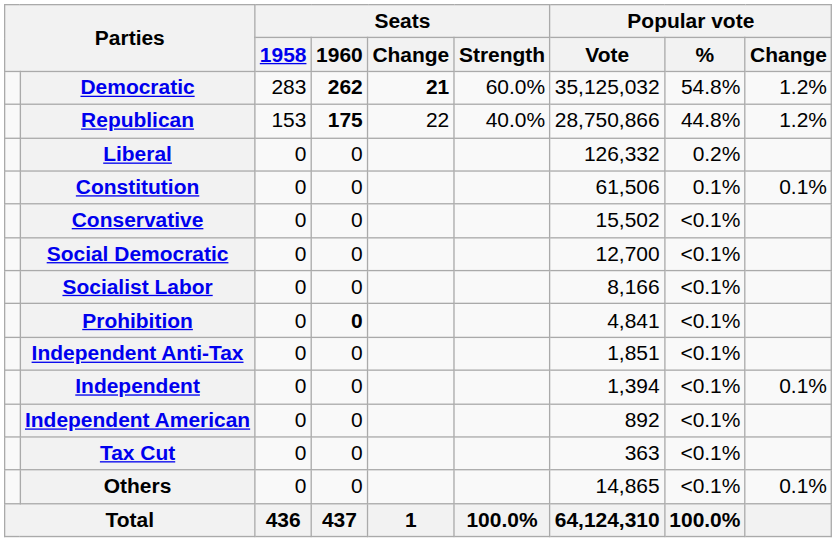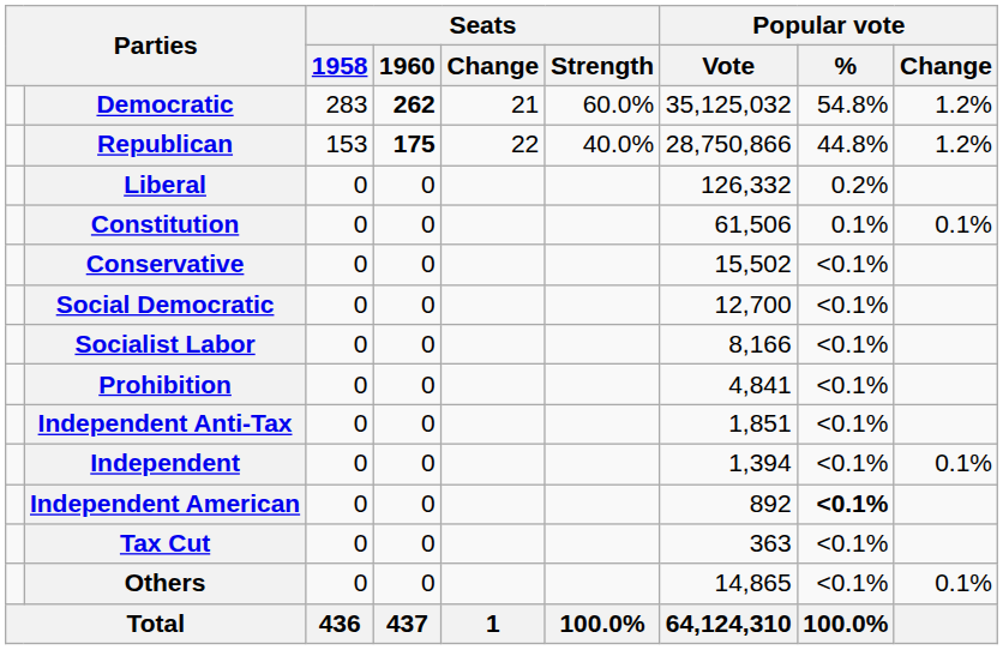 <table class=wikitable style=text-align:center">
 <tr>
 <th colspan=2 rowspan=2>Parties</th>
 <th colspan=4>Seats</th>
 <th colspan=3>Popular vote</th>
 </tr>
 <tr>
 <th><a href='#'>1958</a></th>
 <th>1960</th>
 <th>Change</th>
 <th>Strength</th>
 <th>Vote</th>
 <th>%</th>
 <th>Change</th>
 </tr>
 <tr>
 <td style="background-color:"> </td>
 <th><a href='#'>Democratic</a></th>
 <td align=right>283</td>
 <td align=right><strong>262</strong></td>
-<td align=right><strong> 21</strong></td>
+<td align=right> 21</td>
 <td align=right>60.0%</td>
 <td align=right>35,125,032</td>
 <td align=right>54.8%</td>
 <td align=right> 1.2%</td>
 </tr>
 <tr>
 <td style="background-color:"> </td>
 <th><a href='#'>Republican</a></th>
 <td align=right>153</td>
 <td align=right><strong>175</strong></td>
 <td align=right> 22</td>
 <td align=right>40.0%</td>
 <td align=right>28,750,866</td>
 <td align=right>44.8%</td>
 <td align=right> 1.2%</td>
 </tr>
 <tr>
 <td style="background-color:"> </td>
 <th><a href='#'>Liberal</a></th>
 <td align=right>0</td>
 <td align=right>0</td>
 <td align=right></td>
 <td align=right></td>
 <td align=right>126,332</td>
 <td align=right>0.2%</td>
 <td align=right></td>
 </tr>
 <tr>
 <td style="background-color:"> </td>
 <th><a href='#'>Constitution</a></th>
 <td align=right>0</td>
 <td align=right>0</td>
 <td align=right></td>
 <td align=right></td>
 <td align=right>61,506</td>
 <td align=right>0.1%</td>
 <td align=right> 0.1%</td>
 </tr>
 <tr>
 <td style="background-color:"> </td>
 <th><a href='#'>Conservative</a></th>
 <td align=right>0</td>
 <td align=right>0</td>
 <td align=right></td>
 <td align=right></td>
 <td align=right>15,502</td>
 <td align=right><0.1%</td>
 <td align=right></td>
 </tr>
 <tr>
 <td style="background-color:"> </td>
 <th><a href='#'>Social Democratic</a></th>
 <td align=right>0</td>
 <td align=right>0</td>
 <td align=right></td>
 <td align=right></td>
 <td align=right>12,700</td>
 <td align=right><0.1%</td>
 <td align=right></td>
 </tr>
 <tr>
 <td style="background-color:"> </td>
 <th><a href='#'>Socialist Labor</a></th>
 <td align=right>0</td>
 <td align=right>0</td>
 <td align=right></td>
 <td align=right></td>
 <td align=right>8,166</td>
 <td align=right><0.1%</td>
 <td align=right></td>
 </tr>
 <tr>
 <td style="background-color:"> </td>
 <th><a href='#'>Prohibition</a></th>
 <td align=right>0</td>
-<td align=right><strong>0</strong></td>
+<td align=right>0</td>
 <td align=right></td>
 <td align=right></td>
 <td align=right>4,841</td>
 <td align=right><0.1%</td>
 <td align=right></td>
 </tr>
 <tr>
 <td style="background-color:"> </td>
 <th><a href='#'>Independent Anti-Tax</a></th>
 <td align=right>0</td>
 <td align=right>0</td>
 <td align=right></td>
 <td align=right></td>
 <td align=right>1,851</td>
 <td align=right><0.1%</td>
 <td align=right></td>
 </tr>
 <tr>
 <td style="background-color:"> </td>
 <th><a href='#'>Independent</a></th>
 <td align=right>0</td>
 <td align=right>0</td>
 <td align=right></td>
 <td align=right></td>
 <td align=right>1,394</td>
 <td align=right><0.1%</td>
 <td align=right> 0.1%</td>
 </tr>
 <tr>
 <td style="background-color:"> </td>
 <th><a href='#'>Independent American</a></th>
 <td align=right>0</td>
 <td align=right>0</td>
 <td align=right></td>
 <td align=right></td>
 <td align=right>892</td>
-<td align=right><0.1%</td>
+<td align=right><strong><0.1%</strong></td>
 <td align=right></td>
 </tr>
 <tr>
 <td style="background-color:"> </td>
 <th><a href='#'>Tax Cut</a></th>
 <td align=right>0</td>
 <td align=right>0</td>
 <td align=right></td>
 <td align=right></td>
 <td align=right>363</td>
 <td align=right><0.1%</td>
 <td align=right></td>
 </tr>
 <tr>
 <td style="background-color:"> </td>
 <th>Others</th>
 <td align=right>0</td>
 <td align=right>0</td>
 <td align=right></td>
 <td align=right></td>
 <td align=right>14,865</td>
 <td align=right><0.1%</td>
 <td align=right> 0.1%</td>
 </tr>
 <tr>
 <th colspan=2 width=100>Total</th>
 <th>436</th>
 <th>437</th>
 <th> 1</th>
 <th>100.0%</th>
 <th>64,124,310</th>
 <th>100.0%</th>
 <th></th>
 </tr>
 </table>
